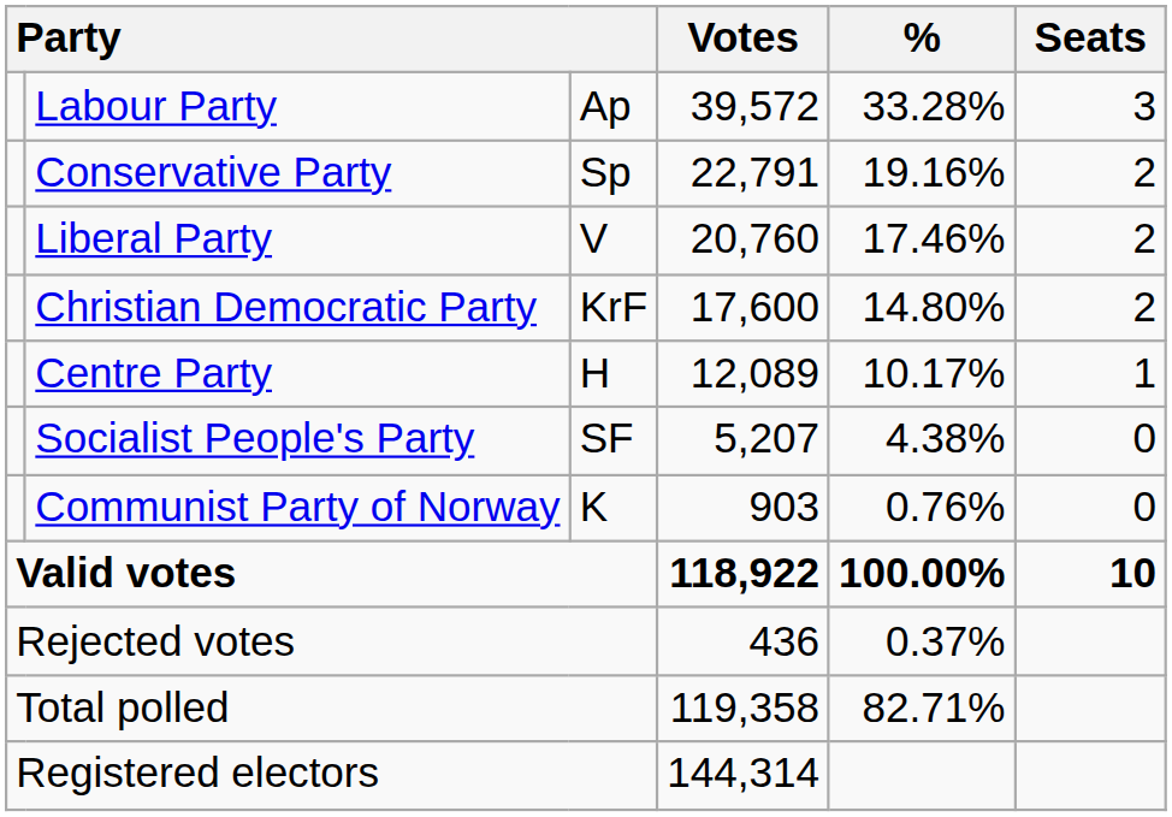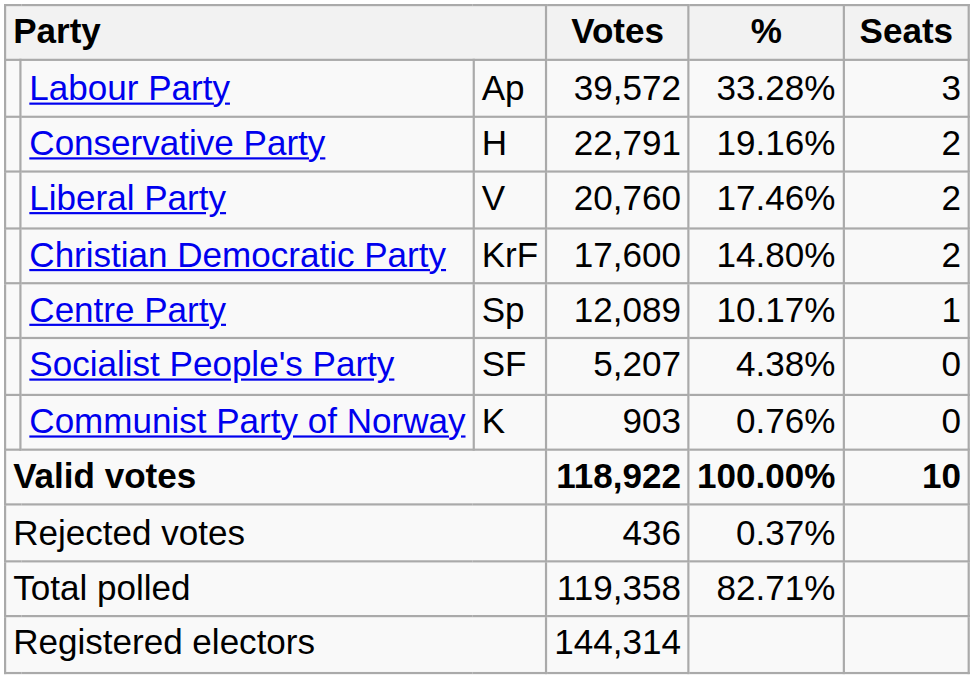 <table class="wikitable" border="1" style="text-align:right;">
 <tr>
 <th style="text-align:left;" colspan=3>Party</th>
 <th align=center width="50">Votes</th>
 <th align=center width="50">%</th>
 <th align=center width="50">Seats</th>
 </tr>
 <tr>
 <td style="color:inherit;background:"></td>
 <td align=left><a href='#'>Labour Party</a></td>
 <td align=left>Ap</td>
 <td>39,572</td>
 <td>33.28%</td>
 <td>3</td>
 </tr>
 <tr>
 <td style="color:inherit;background:"></td>
 <td align=left><a href='#'>Conservative Party</a></td>
-<td align=left>Sp</td>
+<td align=left>H</td>
 <td>22,791</td>
 <td>19.16%</td>
 <td>2</td>
 </tr>
 <tr>
 <td style="color:inherit;background:"></td>
 <td align=left><a href='#'>Liberal Party</a></td>
 <td align=left>V</td>
 <td>20,760</td>
 <td>17.46%</td>
 <td>2</td>
 </tr>
 <tr>
 <td style="color:inherit;background:"></td>
 <td align=left><a href='#'>Christian Democratic Party</a></td>
 <td align=left>KrF</td>
 <td>17,600</td>
 <td>14.80%</td>
 <td>2</td>
 </tr>
 <tr>
 <td style="color:inherit;background:"></td>
 <td align=left><a href='#'>Centre Party</a></td>
-<td align=left>H</td>
+<td align=left>Sp</td>
 <td>12,089</td>
 <td>10.17%</td>
 <td>1</td>
 </tr>
 <tr>
 <td style="color:inherit;background:"></td>
 <td align=left><a href='#'>Socialist People's Party</a></td>
 <td align=left>SF</td>
 <td>5,207</td>
 <td>4.38%</td>
 <td>0</td>
 </tr>
 <tr>
 <td style="color:inherit;background:"></td>
 <td align=left><a href='#'>Communist Party of Norway</a></td>
 <td align=left>K</td>
 <td>903</td>
 <td>0.76%</td>
 <td>0</td>
 </tr>
 <tr style="font-weight:bold">
 <td align=left colspan=3>Valid votes</td>
 <td>118,922</td>
 <td>100.00%</td>
 <td>10</td>
 </tr>
 <tr>
 <td align=left colspan=3>Rejected votes</td>
 <td>436</td>
 <td>0.37%</td>
 <td></td>
 </tr>
 <tr>
 <td align=left colspan=3>Total polled</td>
 <td>119,358</td>
 <td>82.71%</td>
 <td></td>
 </tr>
 <tr>
 <td align=left colspan=3>Registered electors</td>
 <td>144,314</td>
 <td></td>
 <td></td>
 </tr>
 </table>
